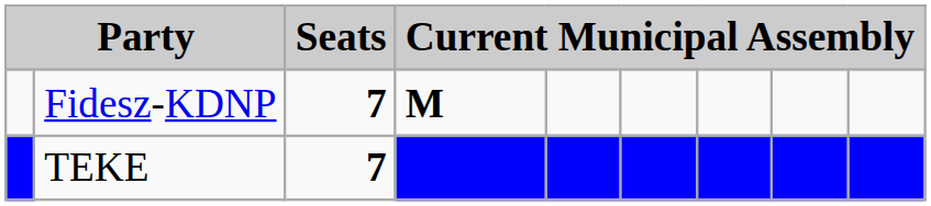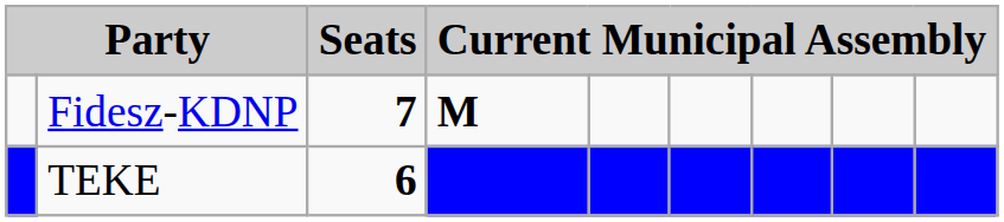 <table class="wikitable">
 <tr>
 <th style="background:#ccc" colspan="2">Party</th>
 <th style="background:#ccc">Seats</th>
 <th style="background:#ccc" colspan="6">Current Municipal Assembly</th>
 </tr>
 <tr>
 <td style="background-color: "> </td>
 <td><a href='#'>Fidesz</a>-<a href='#'>KDNP</a></td>
 <td style="text-align: right"><strong>7</strong></td>
 <td style="background-color: "><span><strong>M</strong></span></td>
 <td style="background-color: "> </td>
 <td style="background-color: "> </td>
 <td style="background-color: "> </td>
 <td style="background-color: "> </td>
 <td style="background-color: "> </td>
 </tr>
 <tr>
 <td style="background-color: #0000FF"> </td>
 <td>TEKE</td>
-<td style="text-align: right"><strong>7</strong></td>
+<td style="text-align: right"><strong>6</strong></td>
 <td style="background-color: #0000FF"> </td>
 <td style="background-color: #0000FF"> </td>
 <td style="background-color: #0000FF"> </td>
 <td style="background-color: #0000FF"> </td>
 <td style="background-color: #0000FF"> </td>
 <td style="background-color: #0000FF"> </td>
 </tr>
 </table>
